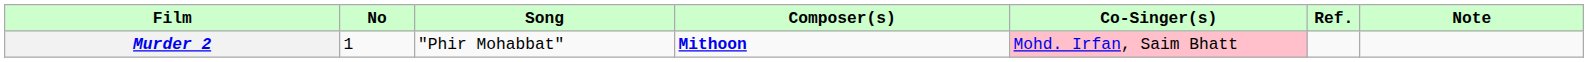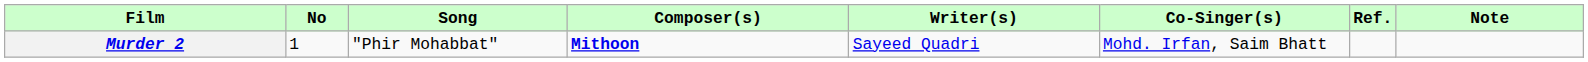 <table class="wikitable plainrowheaders" style="width:100%;" textcolor:#000;" style="align:center;">
 <tr style="background:#cfc; text-align:center;">
 <td scope="col" style="width:18%;"><strong>Film</strong></td>
 <td scope="col" style="width:4%;"><strong>No</strong></td>
 <td scope="col" style="width:14%;"><strong>Song</strong></td>
 <td scope="col" style="width:18%;"><strong>Composer(s)</strong></td>
+<td scope="col" style="width:16%;"><strong>Writer(s)</strong></td>
 <td scope="col" style="width:16%;"><strong>Co-Singer(s)</strong></td>
 <td scope="col" style="width:2%;"><strong>Ref.</strong></td>
 <td scope="col" style="width:12%;"><strong>Note</strong></td>
 </tr>
 <tr>
 <th scope="row"><em><a href='#'>Murder 2</a></em></th>
 <td>1</td>
 <td>"Phir Mohabbat"</td>
 <td><strong><a href='#'>Mithoon</a></strong></td>
-<td style="background: pink;"><a href='#'>Mohd. Irfan</a>, Saim Bhatt</td>
+<td><a href='#'>Sayeed Quadri</a></td>
+<td><a href='#'>Mohd. Irfan</a>, Saim Bhatt</td>
 <td></td>
 <td></td>
 </tr>
 </table>
